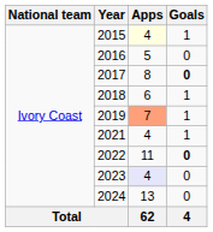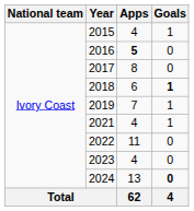 <table class="wikitable" style="text-align:center">
 <tr>
 <th>National team</th>
 <th>Year</th>
 <th>Apps</th>
 <th>Goals</th>
 </tr>
 <tr>
 <td rowspan="9"><a href='#'>Ivory Coast</a></td>
 <td>2015</td>
-<td style="background: lightyellow;">4</td>
+<td>4</td>
 <td>1</td>
 </tr>
 <tr>
 <td>2016</td>
-<td>5</td>
+<td><strong>5</strong></td>
 <td>0</td>
 </tr>
 <tr>
 <td>2017</td>
 <td>8</td>
-<td><strong>0</strong></td>
+<td>0</td>
 </tr>
 <tr>
 <td>2018</td>
 <td>6</td>
-<td>1</td>
+<td><strong>1</strong></td>
 </tr>
 <tr>
 <td>2019</td>
-<td style="background: lightsalmon;">7</td>
+<td>7</td>
 <td>1</td>
 </tr>
 <tr>
 <td>2021</td>
 <td>4</td>
 <td>1</td>
 </tr>
 <tr>
 <td>2022</td>
 <td>11</td>
-<td><strong>0</strong></td>
+<td>0</td>
 </tr>
 <tr>
 <td>2023</td>
-<td style="background: lavender;">4</td>
+<td>4</td>
 <td>0</td>
 </tr>
 <tr>
 <td>2024</td>
 <td>13</td>
-<td>0</td>
+<td><strong>0</strong></td>
 </tr>
 <tr>
 <th colspan="2">Total</th>
 <th>62</th>
 <th>4</th>
 </tr>
 </table>
